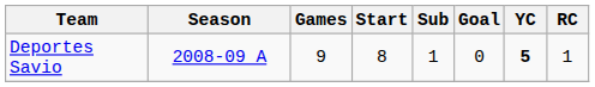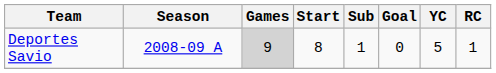 <table class="wikitable" border="1">
 <tr>
 <th width="100">Team</th>
 <th width="100">Season</th>
 <th width="25">Games</th>
 <th width="25">Start</th>
 <th width="25">Sub</th>
 <th width="25">Goal</th>
 <th width="25">YC</th>
 <th width="25">RC</th>
 </tr>
 <tr>
 <td width="100"><a href='#'>Deportes Savio</a></td>
 <td align="center"><a href='#'>2008-09 A</a></td>
-<td align="center">9</td>
+<td align="center" style="background: lightgrey;">9</td>
 <td align="center">8</td>
 <td align="center">1</td>
 <td align="center">0</td>
-<td align="center"><strong>5</strong></td>
+<td align="center">5</td>
 <td align="center">1</td>
 </tr>
 <tr>
 </tr>
 </table>
